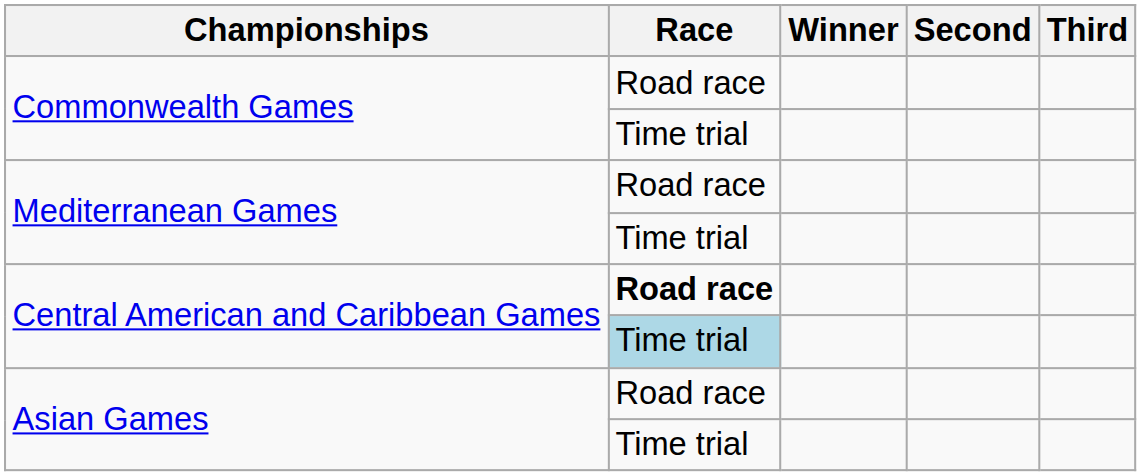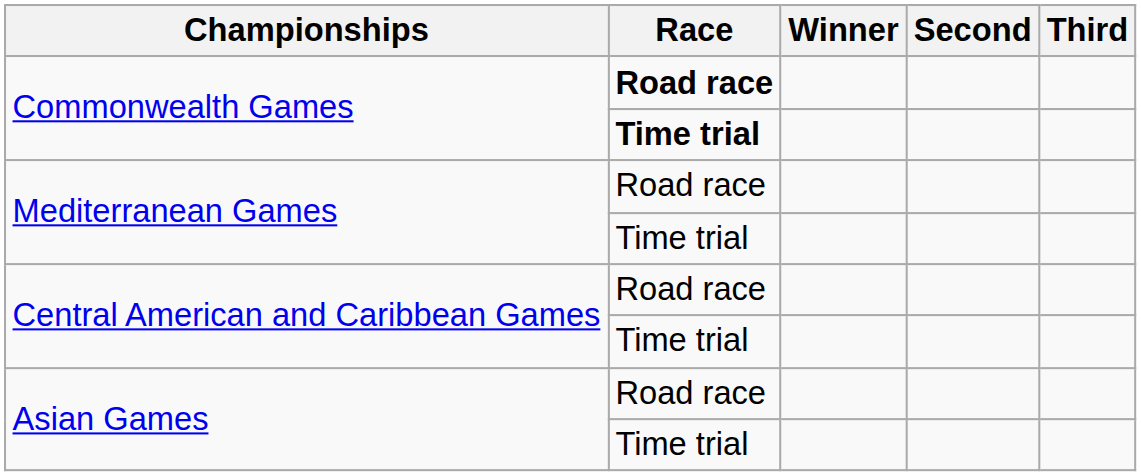 <table class="wikitable sortable">
 <tr>
 <th>Championships</th>
 <th>Race</th>
 <th>Winner</th>
 <th>Second</th>
 <th>Third</th>
 </tr>
 <tr>
 <td rowspan="2"><a href='#'>Commonwealth Games</a><br></td>
-<td>Road race</td>
+<td><strong>Road race</strong></td>
 <td></td>
 <td></td>
 <td></td>
 </tr>
 <tr>
-<td>Time trial</td>
+<td><strong>Time trial</strong></td>
 <td></td>
 <td></td>
 <td></td>
 </tr>
 <tr>
 <td rowspan="2"><a href='#'>Mediterranean Games</a><br></td>
 <td>Road race</td>
 <td></td>
 <td></td>
 <td></td>
 </tr>
 <tr>
 <td>Time trial</td>
 <td></td>
 <td></td>
 <td></td>
 </tr>
 <tr>
 <td rowspan="2"><a href='#'>Central American and Caribbean Games</a><br></td>
-<td><strong>Road race</strong></td>
+<td>Road race</td>
 <td></td>
 <td></td>
 <td></td>
 </tr>
 <tr>
-<td style="background: lightblue;">Time trial</td>
+<td>Time trial</td>
 <td></td>
 <td></td>
 <td></td>
 </tr>
 <tr>
 <td rowspan="2"><a href='#'>Asian Games</a><br></td>
 <td>Road race</td>
 <td></td>
 <td></td>
 <td></td>
 </tr>
 <tr>
 <td>Time trial</td>
 <td></td>
 <td></td>
 <td></td>
 </tr>
 </table>
